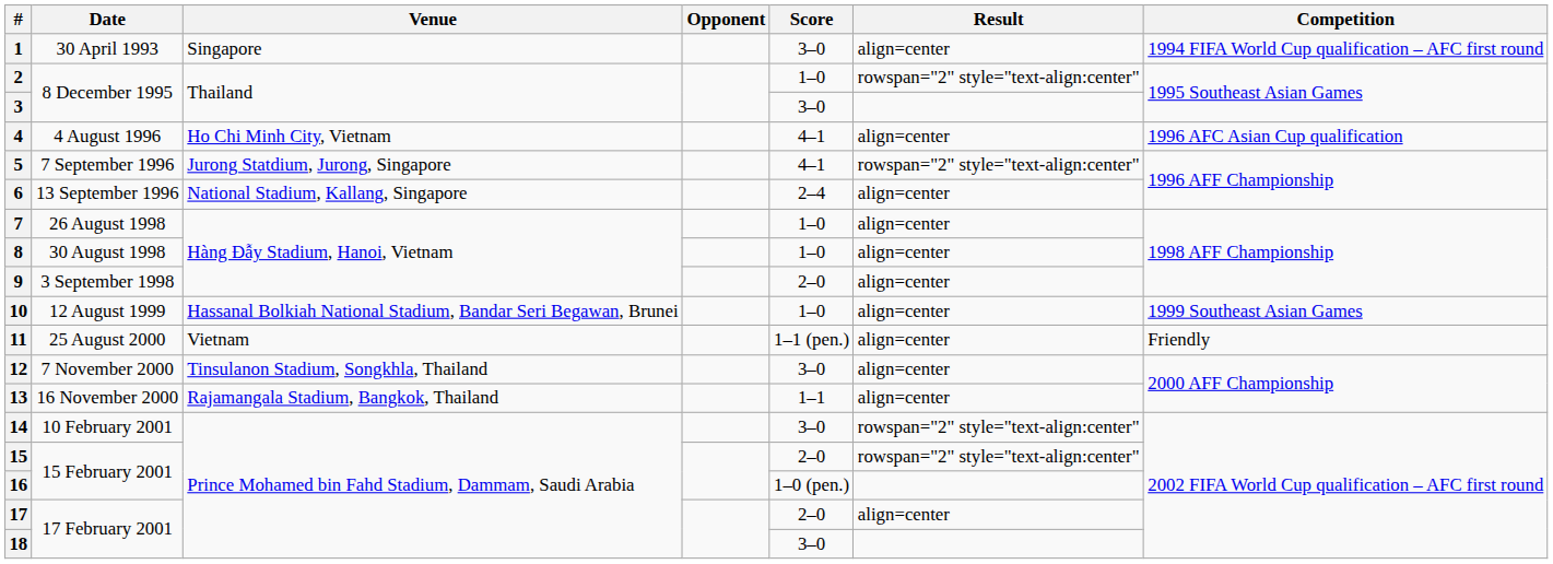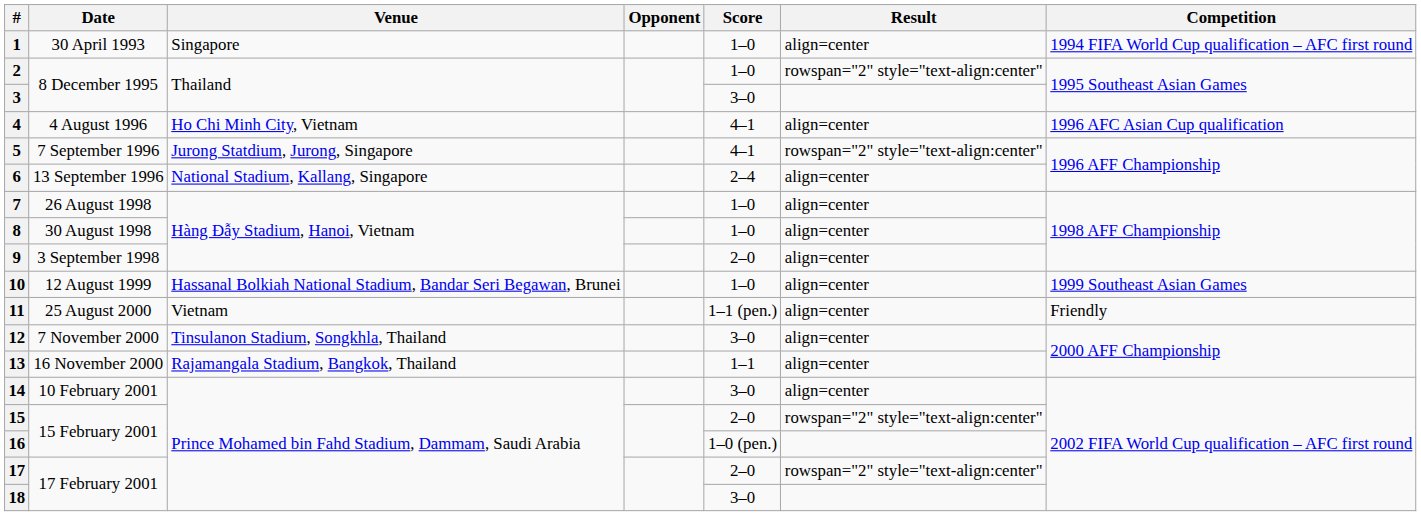 <table class="wikitable">
 <tr>
 <th scope="col">#</th>
 <th scope="col">Date</th>
 <th scope="col">Venue</th>
 <th scope="col">Opponent</th>
 <th scope="col">Score</th>
 <th scope="col">Result</th>
 <th scope="col">Competition</th>
 </tr>
 <tr>
 <th scope="row">1</th>
 <td align=center>30 April 1993</td>
 <td>Singapore</td>
 <td></td>
-<td align=center>3–0</td>
+<td align=center>1–0</td>
 <td>align=center </td>
 <td><a href='#'>1994 FIFA World Cup qualification – AFC first round</a></td>
 </tr>
 <tr>
 <th scope="row">2</th>
 <td rowspan="2" align=center>8 December 1995</td>
 <td rowspan="2">Thailand</td>
 <td rowspan="2"></td>
 <td align=center>1–0</td>
 <td>rowspan="2" style="text-align:center" </td>
 <td rowspan="2"><a href='#'>1995 Southeast Asian Games</a></td>
 </tr>
 <tr>
 <th scope="row">3</th>
 <td align=center>3–0</td>
 </tr>
 <tr>
 <th scope="row">4</th>
 <td align=center>4 August 1996</td>
 <td><a href='#'>Ho Chi Minh City</a>, Vietnam</td>
 <td></td>
 <td align=center>4–1</td>
 <td>align=center </td>
 <td><a href='#'>1996 AFC Asian Cup qualification</a></td>
 </tr>
 <tr>
 <th scope="row">5</th>
 <td align=center>7 September 1996</td>
 <td><a href='#'>Jurong Statdium</a>, <a href='#'>Jurong</a>, Singapore</td>
 <td></td>
 <td align=center>4–1</td>
 <td>rowspan="2" style="text-align:center" </td>
 <td rowspan = 2><a href='#'>1996 AFF Championship</a></td>
 </tr>
 <tr>
 <th scope="row">6</th>
 <td align=center>13 September 1996</td>
 <td><a href='#'>National Stadium</a>, <a href='#'>Kallang</a>, Singapore</td>
 <td></td>
 <td align=center>2–4</td>
 <td>align=center </td>
 </tr>
 <tr>
 <th scope="row">7</th>
 <td align=center>26 August 1998</td>
 <td rowspan="3"><a href='#'>Hàng Đẫy Stadium</a>, <a href='#'>Hanoi</a>, Vietnam</td>
 <td></td>
 <td align=center>1–0</td>
 <td>align=center </td>
 <td rowspan = 3><a href='#'>1998 AFF Championship</a></td>
 </tr>
 <tr>
 <th scope="row">8</th>
 <td align=center>30 August 1998</td>
 <td></td>
 <td align=center>1–0</td>
 <td>align=center </td>
 </tr>
 <tr>
 <th scope="row">9</th>
 <td align=center>3 September 1998</td>
 <td></td>
 <td align=center>2–0</td>
 <td>align=center </td>
 </tr>
 <tr>
 <th scope="row">10</th>
 <td align=center>12 August 1999</td>
 <td><a href='#'>Hassanal Bolkiah National Stadium</a>, <a href='#'>Bandar Seri Begawan</a>, Brunei</td>
 <td></td>
 <td align=center>1–0</td>
 <td>align=center </td>
 <td><a href='#'>1999 Southeast Asian Games</a></td>
 </tr>
 <tr>
 <th scope="row">11</th>
 <td align=center>25 August  2000</td>
 <td>Vietnam</td>
 <td></td>
 <td>1–1 (pen.)</td>
 <td>align=center </td>
 <td>Friendly</td>
 </tr>
 <tr>
 <th scope="row">12</th>
 <td align=center>7 November 2000</td>
 <td><a href='#'>Tinsulanon Stadium</a>, <a href='#'>Songkhla</a>, Thailand</td>
 <td></td>
 <td align=center>3–0</td>
 <td>align=center </td>
 <td rowspan = 2><a href='#'>2000 AFF Championship</a></td>
 </tr>
 <tr>
 <th scope="row">13</th>
 <td align=center>16 November 2000</td>
 <td><a href='#'>Rajamangala Stadium</a>, <a href='#'>Bangkok</a>, Thailand</td>
 <td></td>
 <td align=center>1–1</td>
 <td>align=center </td>
 </tr>
 <tr>
 <th scope="row">14</th>
 <td align=center>10 February 2001</td>
 <td rowspan="5"><a href='#'>Prince Mohamed bin Fahd Stadium</a>, <a href='#'>Dammam</a>, Saudi Arabia</td>
 <td></td>
 <td align=center>3–0</td>
-<td>rowspan="2" style="text-align:center" </td>
+<td>align=center </td>
 <td rowspan = 5><a href='#'>2002 FIFA World Cup qualification – AFC first round</a></td>
 </tr>
 <tr>
 <th scope="row">15</th>
 <td rowspan="2" align=center>15 February 2001</td>
 <td rowspan="2"></td>
 <td align=center>2–0</td>
 <td>rowspan="2" style="text-align:center" </td>
 </tr>
 <tr>
 <th scope="row">16</th>
 <td align=center>1–0 (pen.)</td>
 </tr>
 <tr>
 <th scope="row">17</th>
 <td rowspan="2" align=center>17 February 2001</td>
 <td rowspan="2"></td>
 <td align=center>2–0</td>
-<td>align=center </td>
+<td>rowspan="2" style="text-align:center" </td>
 </tr>
 <tr>
 <th scope="row">18</th>
 <td align=center>3–0</td>
 </tr>
 </table>
